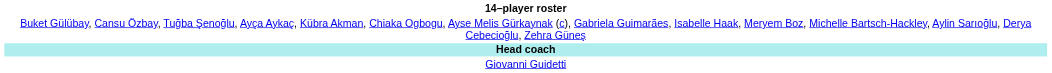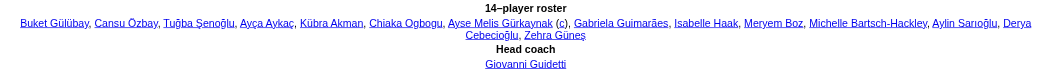 <table style="text-align:center; margin-top:2em; margin-left:auto; margin-right:auto">
 <tr>
 <td><strong>14–player roster</strong></td>
 </tr>
 <tr>
 <td><a href='#'>Buket Gülübay</a>, <a href='#'>Cansu Özbay</a>, <a href='#'>Tuğba Şenoğlu</a>, <a href='#'>Ayça Aykaç</a>, <a href='#'>Kübra Akman</a>, <a href='#'>Chiaka Ogbogu</a>, <a href='#'>Ayse Melis Gürkaynak</a> (<a href='#'>c</a>), <a href='#'>Gabriela Guimarães</a>, <a href='#'>Isabelle Haak</a>, <a href='#'>Meryem Boz</a>, <a href='#'>Michelle Bartsch-Hackley</a>, <a href='#'>Aylin Sarıoğlu</a>, <a href='#'>Derya Cebecioğlu</a>, <a href='#'>Zehra Güneş</a></td>
 </tr>
 <tr>
-<td style="background: paleturquoise;"><strong>Head coach</strong></td>
+<td><strong>Head coach</strong></td>
 </tr>
 <tr>
 <td><a href='#'>Giovanni Guidetti</a></td>
 </tr>
 </table>
